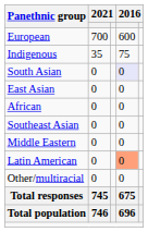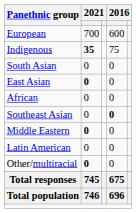 <table class="wikitable collapsible sortable">
 <tr>
 <th rowspan="2"><a href='#'>Panethnic</a> group</th>
 <th colspan="2">2021</th>
 <th colspan="2">2016</th>
 </tr>
 <tr>
 <th><a href='#'></a></th>
 <th></th>
 <th></th>
 <th></th>
 </tr>
 <tr>
 <td><a href='#'>European</a></td>
 <td>700</td>
 <td></td>
 <td>600</td>
 <td></td>
 </tr>
 <tr>
 <td><a href='#'>Indigenous</a></td>
-<td>35</td>
+<td><strong>35</strong></td>
 <td></td>
 <td>75</td>
 <td></td>
 </tr>
 <tr>
 <td><a href='#'>South Asian</a></td>
 <td>0</td>
 <td></td>
-<td style="background: lavender;">0</td>
+<td>0</td>
 <td></td>
 </tr>
 <tr>
 <td><a href='#'>East Asian</a></td>
-<td>0</td>
+<td><strong>0</strong></td>
 <td></td>
 <td>0</td>
 <td></td>
 </tr>
 <tr>
 <td><a href='#'>African</a></td>
 <td>0</td>
 <td></td>
 <td>0</td>
 <td></td>
 </tr>
 <tr>
 <td><a href='#'>Southeast Asian</a></td>
 <td>0</td>
 <td></td>
-<td>0</td>
+<td><strong>0</strong></td>
 <td></td>
 </tr>
 <tr>
 <td><a href='#'>Middle Eastern</a></td>
-<td>0</td>
+<td><strong>0</strong></td>
 <td></td>
 <td>0</td>
 <td></td>
 </tr>
 <tr>
 <td><a href='#'>Latin American</a></td>
 <td>0</td>
 <td></td>
-<td style="background: lightsalmon;">0</td>
+<td>0</td>
 <td></td>
 </tr>
 <tr>
 <td>Other/<a href='#'>multiracial</a></td>
-<td>0</td>
+<td><strong>0</strong></td>
 <td></td>
 <td>0</td>
 <td></td>
 </tr>
 <tr>
 <th>Total responses</th>
 <th>745</th>
 <th></th>
 <th>675</th>
 <th></th>
 </tr>
 <tr class="sortbottom">
 <th>Total population</th>
 <th>746</th>
 <th></th>
 <th>696</th>
 <th></th>
 </tr>
 <tr class="sortbottom">
 <td colspan="5"></td>
 </tr>
 </table>
